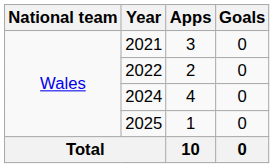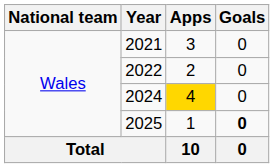 <table class="wikitable" style="text-align:center">
 <tr>
 <th>National team</th>
 <th>Year</th>
 <th>Apps</th>
 <th>Goals</th>
 </tr>
 <tr>
 <td rowspan="4"><a href='#'>Wales</a></td>
 <td>2021</td>
 <td>3</td>
 <td>0</td>
 </tr>
 <tr>
 <td>2022</td>
 <td>2</td>
 <td>0</td>
 </tr>
 <tr>
 <td>2024</td>
-<td>4</td>
+<td style="background: gold;">4</td>
 <td>0</td>
 </tr>
 <tr>
 <td>2025</td>
 <td>1</td>
-<td>0</td>
+<td><strong>0</strong></td>
 </tr>
 <tr>
 <th colspan="2">Total</th>
 <th>10</th>
 <th>0</th>
 </tr>
 </table>
